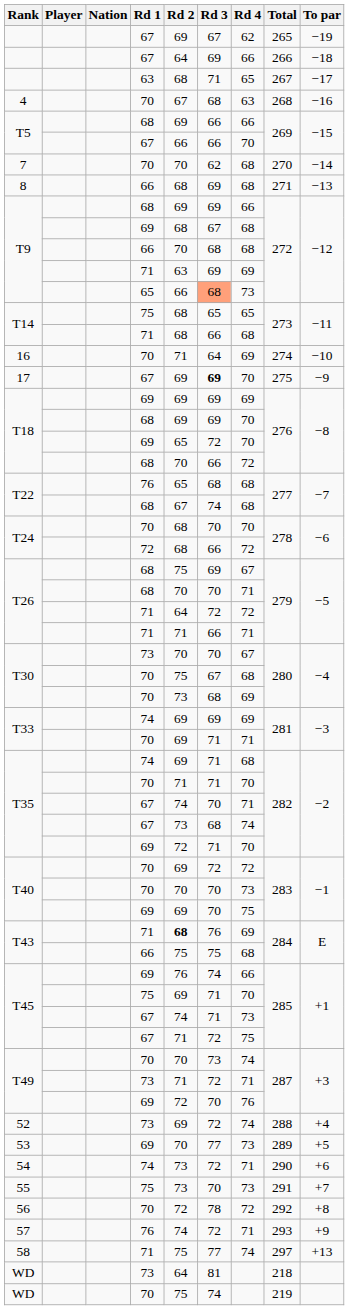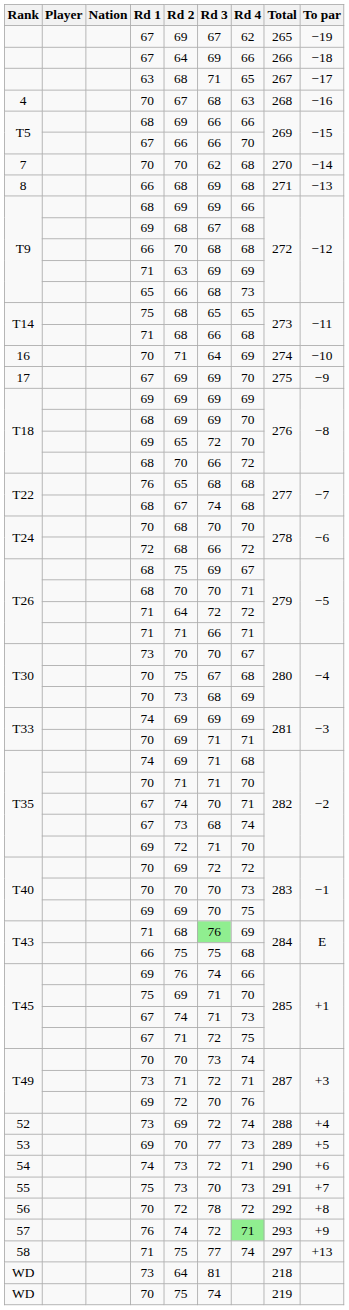 <table class="wikitable sortable" style="text-align:center">
 <tr>
 <th data-sort-type=number>Rank</th>
 <th>Player</th>
 <th>Nation</th>
 <th>Rd 1</th>
 <th>Rd 2</th>
 <th>Rd 3</th>
 <th>Rd 4</th>
 <th>Total</th>
 <th>To par</th>
 </tr>
 <tr>
 <td></td>
 <td align=left></td>
 <td align=left></td>
 <td>67</td>
 <td>69</td>
 <td>67</td>
 <td>62</td>
 <td>265</td>
 <td>−19</td>
 </tr>
 <tr>
 <td></td>
 <td align=left></td>
 <td align=left></td>
 <td>67</td>
 <td>64</td>
 <td>69</td>
 <td>66</td>
 <td>266</td>
 <td>−18</td>
 </tr>
 <tr>
 <td></td>
 <td align=left></td>
 <td align=left></td>
 <td>63</td>
 <td>68</td>
 <td>71</td>
 <td>65</td>
 <td>267</td>
 <td>−17</td>
 </tr>
 <tr>
 <td>4</td>
 <td align=left></td>
 <td align=left></td>
 <td>70</td>
 <td>67</td>
 <td>68</td>
 <td>63</td>
 <td>268</td>
 <td>−16</td>
 </tr>
 <tr>
 <td rowspan=2>T5</td>
 <td align=left></td>
 <td align=left></td>
 <td>68</td>
 <td>69</td>
 <td>66</td>
 <td>66</td>
 <td rowspan=2>269</td>
 <td rowspan=2>−15</td>
 </tr>
 <tr>
 <td align=left></td>
 <td align=left></td>
 <td>67</td>
 <td>66</td>
 <td>66</td>
 <td>70</td>
 </tr>
 <tr>
 <td>7</td>
 <td align=left></td>
 <td align=left></td>
 <td>70</td>
 <td>70</td>
 <td>62</td>
 <td>68</td>
 <td>270</td>
 <td>−14</td>
 </tr>
 <tr>
 <td>8</td>
 <td align=left></td>
 <td align=left></td>
 <td>66</td>
 <td>68</td>
 <td>69</td>
 <td>68</td>
 <td>271</td>
 <td>−13</td>
 </tr>
 <tr>
 <td rowspan=5>T9</td>
 <td align=left></td>
 <td align=left></td>
 <td>68</td>
 <td>69</td>
 <td>69</td>
 <td>66</td>
 <td rowspan=5>272</td>
 <td rowspan=5>−12</td>
 </tr>
 <tr>
 <td align=left></td>
 <td align=left></td>
 <td>69</td>
 <td>68</td>
 <td>67</td>
 <td>68</td>
 </tr>
 <tr>
 <td align=left></td>
 <td align=left></td>
 <td>66</td>
 <td>70</td>
 <td>68</td>
 <td>68</td>
 </tr>
 <tr>
 <td align=left></td>
 <td align=left></td>
 <td>71</td>
 <td>63</td>
 <td>69</td>
 <td>69</td>
 </tr>
 <tr>
 <td align=left></td>
 <td align=left></td>
 <td>65</td>
 <td>66</td>
-<td style="background: lightsalmon;">68</td>
+<td>68</td>
 <td>73</td>
 </tr>
 <tr>
 <td rowspan=2>T14</td>
 <td align=left></td>
 <td align=left></td>
 <td>75</td>
 <td>68</td>
 <td>65</td>
 <td>65</td>
 <td rowspan=2>273</td>
 <td rowspan=2>−11</td>
 </tr>
 <tr>
 <td align=left></td>
 <td align=left></td>
 <td>71</td>
 <td>68</td>
 <td>66</td>
 <td>68</td>
 </tr>
 <tr>
 <td>16</td>
 <td align=left></td>
 <td align=left></td>
 <td>70</td>
 <td>71</td>
 <td>64</td>
 <td>69</td>
 <td>274</td>
 <td>−10</td>
 </tr>
 <tr>
 <td>17</td>
 <td align=left></td>
 <td align=left></td>
 <td>67</td>
 <td>69</td>
-<td><strong>69</strong></td>
+<td>69</td>
 <td>70</td>
 <td>275</td>
 <td>−9</td>
 </tr>
 <tr>
 <td rowspan=4>T18</td>
 <td align=left></td>
 <td align=left></td>
 <td>69</td>
 <td>69</td>
 <td>69</td>
 <td>69</td>
 <td rowspan=4>276</td>
 <td rowspan=4>−8</td>
 </tr>
 <tr>
 <td align=left></td>
 <td align=left></td>
 <td>68</td>
 <td>69</td>
 <td>69</td>
 <td>70</td>
 </tr>
 <tr>
 <td align=left></td>
 <td align=left></td>
 <td>69</td>
 <td>65</td>
 <td>72</td>
 <td>70</td>
 </tr>
 <tr>
 <td align=left></td>
 <td align=left></td>
 <td>68</td>
 <td>70</td>
 <td>66</td>
 <td>72</td>
 </tr>
 <tr>
 <td rowspan=2>T22</td>
 <td align=left></td>
 <td align=left></td>
 <td>76</td>
 <td>65</td>
 <td>68</td>
 <td>68</td>
 <td rowspan=2>277</td>
 <td rowspan=2>−7</td>
 </tr>
 <tr>
 <td align=left></td>
 <td align=left></td>
 <td>68</td>
 <td>67</td>
 <td>74</td>
 <td>68</td>
 </tr>
 <tr>
 <td rowspan=2>T24</td>
 <td align=left></td>
 <td align=left></td>
 <td>70</td>
 <td>68</td>
 <td>70</td>
 <td>70</td>
 <td rowspan=2>278</td>
 <td rowspan=2>−6</td>
 </tr>
 <tr>
 <td align=left></td>
 <td align=left></td>
 <td>72</td>
 <td>68</td>
 <td>66</td>
 <td>72</td>
 </tr>
 <tr>
 <td rowspan=4>T26</td>
 <td align=left></td>
 <td align=left></td>
 <td>68</td>
 <td>75</td>
 <td>69</td>
 <td>67</td>
 <td rowspan=4>279</td>
 <td rowspan=4>−5</td>
 </tr>
 <tr>
 <td align=left></td>
 <td align=left></td>
 <td>68</td>
 <td>70</td>
 <td>70</td>
 <td>71</td>
 </tr>
 <tr>
 <td align=left></td>
 <td align=left></td>
 <td>71</td>
 <td>64</td>
 <td>72</td>
 <td>72</td>
 </tr>
 <tr>
 <td align=left></td>
 <td align=left></td>
 <td>71</td>
 <td>71</td>
 <td>66</td>
 <td>71</td>
 </tr>
 <tr>
 <td rowspan=3>T30</td>
 <td align=left></td>
 <td align=left></td>
 <td>73</td>
 <td>70</td>
 <td>70</td>
 <td>67</td>
 <td rowspan=3>280</td>
 <td rowspan=3>−4</td>
 </tr>
 <tr>
 <td align=left></td>
 <td align=left></td>
 <td>70</td>
 <td>75</td>
 <td>67</td>
 <td>68</td>
 </tr>
 <tr>
 <td align=left></td>
 <td align=left></td>
 <td>70</td>
 <td>73</td>
 <td>68</td>
 <td>69</td>
 </tr>
 <tr>
 <td rowspan=2>T33</td>
 <td align=left></td>
 <td align=left></td>
 <td>74</td>
 <td>69</td>
 <td>69</td>
 <td>69</td>
 <td rowspan=2>281</td>
 <td rowspan=2>−3</td>
 </tr>
 <tr>
 <td align=left></td>
 <td align=left></td>
 <td>70</td>
 <td>69</td>
 <td>71</td>
 <td>71</td>
 </tr>
 <tr>
 <td rowspan=5>T35</td>
 <td align=left></td>
 <td align=left></td>
 <td>74</td>
 <td>69</td>
 <td>71</td>
 <td>68</td>
 <td rowspan=5>282</td>
 <td rowspan=5>−2</td>
 </tr>
 <tr>
 <td align=left></td>
 <td align=left></td>
 <td>70</td>
 <td>71</td>
 <td>71</td>
 <td>70</td>
 </tr>
 <tr>
 <td align=left></td>
 <td align=left></td>
 <td>67</td>
 <td>74</td>
 <td>70</td>
 <td>71</td>
 </tr>
 <tr>
 <td align=left></td>
 <td align=left></td>
 <td>67</td>
 <td>73</td>
 <td>68</td>
 <td>74</td>
 </tr>
 <tr>
 <td align=left></td>
 <td align=left></td>
 <td>69</td>
 <td>72</td>
 <td>71</td>
 <td>70</td>
 </tr>
 <tr>
 <td rowspan=3>T40</td>
 <td align=left></td>
 <td align=left></td>
 <td>70</td>
 <td>69</td>
 <td>72</td>
 <td>72</td>
 <td rowspan=3>283</td>
 <td rowspan=3>−1</td>
 </tr>
 <tr>
 <td align=left></td>
 <td align=left></td>
 <td>70</td>
 <td>70</td>
 <td>70</td>
 <td>73</td>
 </tr>
 <tr>
 <td align=left></td>
 <td align=left></td>
 <td>69</td>
 <td>69</td>
 <td>70</td>
 <td>75</td>
 </tr>
 <tr>
 <td rowspan=2>T43</td>
 <td align=left></td>
 <td align=left></td>
 <td>71</td>
-<td><strong>68</strong></td>
-<td>76</td>
+<td>68</td>
+<td style="background: lightgreen;">76</td>
 <td>69</td>
 <td rowspan=2>284</td>
 <td rowspan=2>E</td>
 </tr>
 <tr>
 <td align=left></td>
 <td align=left></td>
 <td>66</td>
 <td>75</td>
 <td>75</td>
 <td>68</td>
 </tr>
 <tr>
 <td rowspan=4>T45</td>
 <td align=left></td>
 <td align=left></td>
 <td>69</td>
 <td>76</td>
 <td>74</td>
 <td>66</td>
 <td rowspan=4>285</td>
 <td rowspan=4>+1</td>
 </tr>
 <tr>
 <td align=left></td>
 <td align=left></td>
 <td>75</td>
 <td>69</td>
 <td>71</td>
 <td>70</td>
 </tr>
 <tr>
 <td align=left></td>
 <td align=left></td>
 <td>67</td>
 <td>74</td>
 <td>71</td>
 <td>73</td>
 </tr>
 <tr>
 <td align=left></td>
 <td align=left></td>
 <td>67</td>
 <td>71</td>
 <td>72</td>
 <td>75</td>
 </tr>
 <tr>
 <td rowspan=3>T49</td>
 <td align=left></td>
 <td align=left></td>
 <td>70</td>
 <td>70</td>
 <td>73</td>
 <td>74</td>
 <td rowspan=3>287</td>
 <td rowspan=3>+3</td>
 </tr>
 <tr>
 <td align=left></td>
 <td align=left></td>
 <td>73</td>
 <td>71</td>
 <td>72</td>
 <td>71</td>
 </tr>
 <tr>
 <td align=left></td>
 <td align=left></td>
 <td>69</td>
 <td>72</td>
 <td>70</td>
 <td>76</td>
 </tr>
 <tr>
 <td>52</td>
 <td align=left></td>
 <td align=left></td>
 <td>73</td>
 <td>69</td>
 <td>72</td>
 <td>74</td>
 <td>288</td>
 <td>+4</td>
 </tr>
 <tr>
 <td>53</td>
 <td align=left></td>
 <td align=left></td>
 <td>69</td>
 <td>70</td>
 <td>77</td>
 <td>73</td>
 <td>289</td>
 <td>+5</td>
 </tr>
 <tr>
 <td>54</td>
 <td align=left></td>
 <td align=left></td>
 <td>74</td>
 <td>73</td>
 <td>72</td>
 <td>71</td>
 <td>290</td>
 <td>+6</td>
 </tr>
 <tr>
 <td>55</td>
 <td align=left></td>
 <td align=left></td>
 <td>75</td>
 <td>73</td>
 <td>70</td>
 <td>73</td>
 <td>291</td>
 <td>+7</td>
 </tr>
 <tr>
 <td>56</td>
 <td align=left></td>
 <td align=left></td>
 <td>70</td>
 <td>72</td>
 <td>78</td>
 <td>72</td>
 <td>292</td>
 <td>+8</td>
 </tr>
 <tr>
 <td>57</td>
 <td align=left></td>
 <td align=left></td>
 <td>76</td>
 <td>74</td>
 <td>72</td>
-<td>71</td>
+<td style="background: lightgreen;">71</td>
 <td>293</td>
 <td>+9</td>
 </tr>
 <tr>
 <td>58</td>
 <td align=left></td>
 <td align=left></td>
 <td>71</td>
 <td>75</td>
 <td>77</td>
 <td>74</td>
 <td>297</td>
 <td>+13</td>
 </tr>
 <tr>
 <td>WD</td>
 <td align=left></td>
 <td align=left></td>
 <td>73</td>
 <td>64</td>
 <td>81</td>
 <td data-sort-value=99></td>
 <td data-sort-value=999>218</td>
 <td></td>
 </tr>
 <tr>
 <td>WD</td>
 <td align=left></td>
 <td align=left></td>
 <td>70</td>
 <td>75</td>
 <td>74</td>
 <td data-sort-value=99></td>
 <td data-sort-value=999>219</td>
 <td></td>
 </tr>
 </table>
